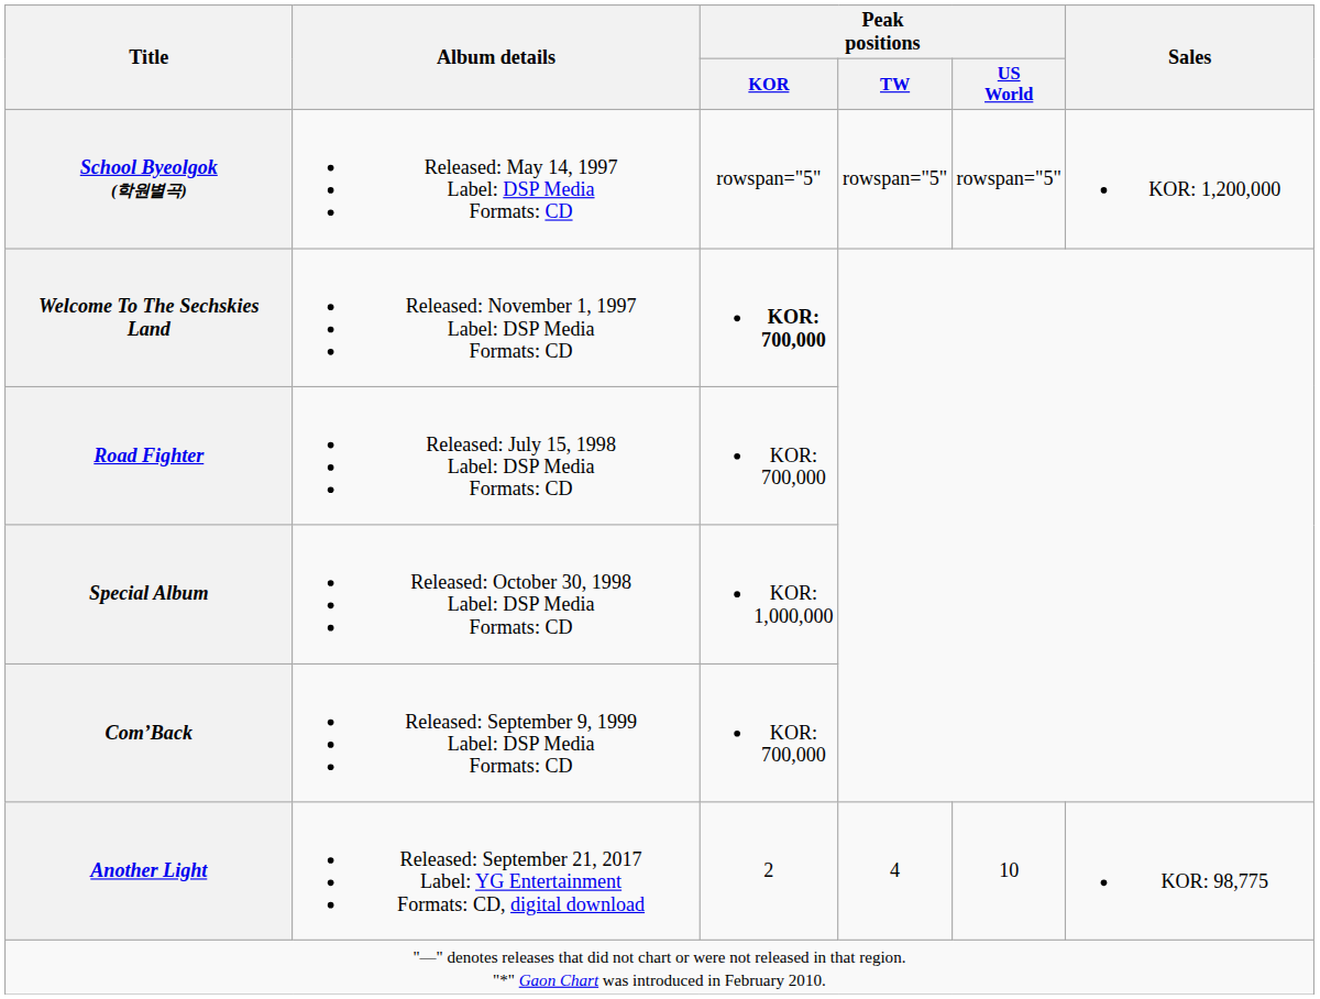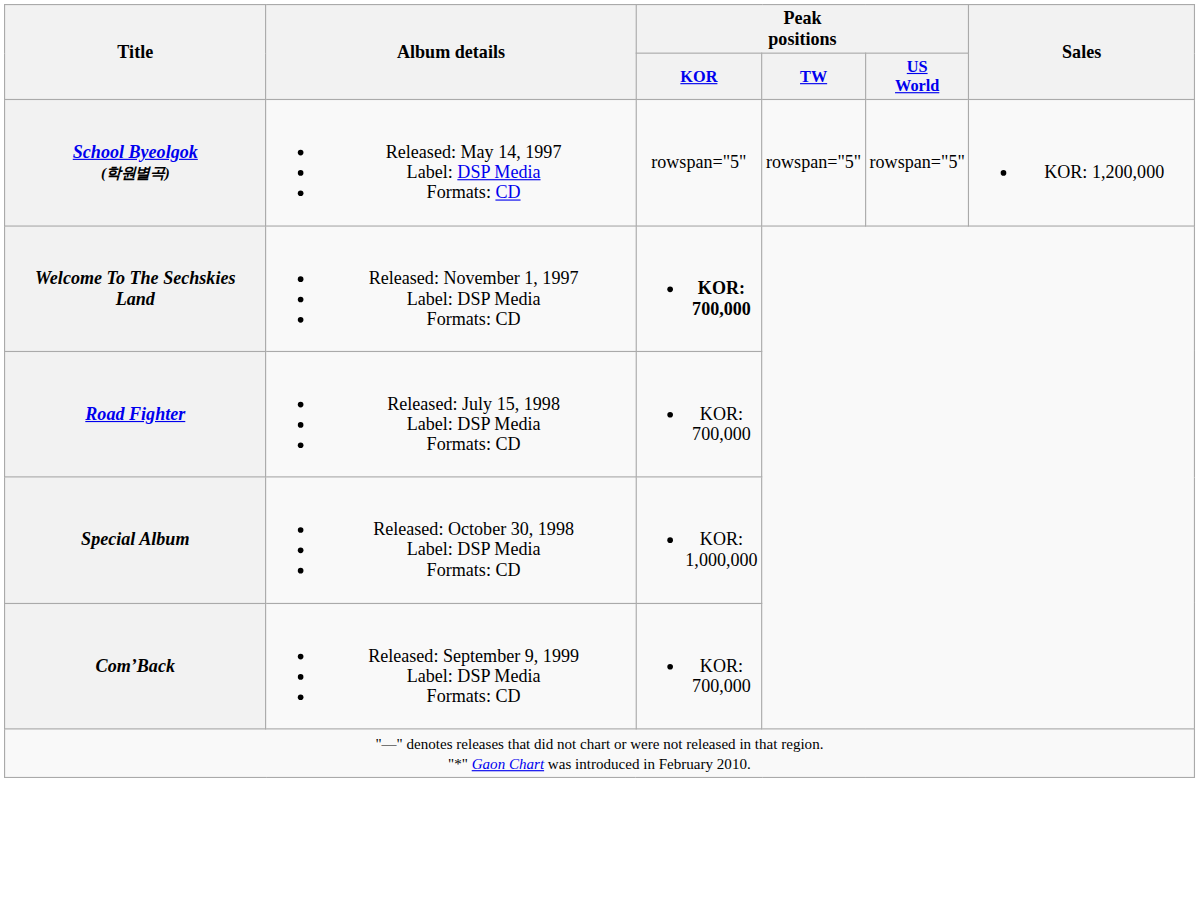 <table class="wikitable plainrowheaders" style="text-align:center;">
 <tr>
 <th rowspan="2" style="width:14em;">Title</th>
 <th rowspan="2" style="width:20em;">Album details</th>
 <th colspan="3">Peak<br>positions</th>
 <th rowspan="2" style="width:12em;">Sales</th>
 </tr>
 <tr>
 <th scope="col" style="width:3em;font-size:90%;"><a href='#'>KOR</a><br></th>
 <th scope="col" style="width:3em;font-size:90%;"><a href='#'>TW</a><br></th>
 <th scope="col" style="width:3em;font-size:90%;"><a href='#'>US<br>World</a><br></th>
 </tr>
 <tr>
 <th scope="row"><em><a href='#'>School Byeolgok</a><br><small>(학원별곡)</small></em></th>
 <td><br><ul><li>Released: May 14, 1997</li><li>Label: <a href='#'>DSP Media</a></li><li>Formats: <a href='#'>CD</a></li></ul></td>
 <td>rowspan="5" </td>
 <td>rowspan="5" </td>
 <td>rowspan="5" </td>
 <td><br><ul><li>KOR: 1,200,000</li></ul></td>
 </tr>
 <tr>
 <th scope="row"><em>Welcome To The Sechskies<br>Land</em></th>
 <td><br><ul><li>Released: November 1, 1997</li><li>Label: DSP Media</li><li>Formats: CD</li></ul></td>
 <td><strong><br><ul><li>KOR: 700,000</li></ul></strong></td>
 </tr>
 <tr>
 <th scope="row"><em><a href='#'>Road Fighter</a></em></th>
 <td><br><ul><li>Released: July 15, 1998</li><li>Label: DSP Media</li><li>Formats: CD</li></ul></td>
 <td><br><ul><li>KOR: 700,000</li></ul></td>
 </tr>
 <tr>
 <th scope="row"><em>Special Album</em></th>
 <td><br><ul><li>Released: October 30, 1998</li><li>Label: DSP Media</li><li>Formats: CD</li></ul></td>
 <td><br><ul><li>KOR: 1,000,000</li></ul></td>
 </tr>
 <tr>
 <th scope="row"><em>Com’Back</em></th>
 <td><br><ul><li>Released: September 9, 1999</li><li>Label: DSP Media</li><li>Formats: CD</li></ul></td>
 <td><br><ul><li>KOR: 700,000</li></ul></td>
 </tr>
 <tr>
-<th scope="row"><em><a href='#'>Another Light</a></em></th>
-<td><br><ul><li>Released: September 21, 2017</li><li>Label: <a href='#'>YG Entertainment</a></li><li>Formats: CD, <a href='#'>digital download</a></li></ul></td>
-<td>2</td>
-<td>4</td>
-<td>10</td>
-<td><br><ul><li>KOR: 98,775</li></ul></td>
-</tr>
-<tr>
 <td colspan="6"><small>"—" denotes releases that did not chart or were not released in that region.</small><br><small>"*" <em><a href='#'>Gaon Chart</a></em> was introduced in February 2010.</small></td>
 </tr>
 </table>
